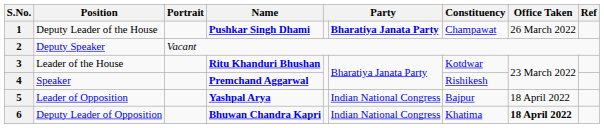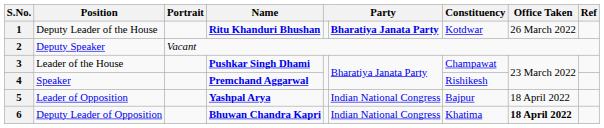 <table class="wikitable sortable">
 <tr>
 <th>S.No.</th>
 <th>Position</th>
 <th>Portrait</th>
 <th>Name</th>
 <th colspan="2">Party</th>
 <th>Constituency</th>
 <th>Office Taken</th>
 <th>Ref</th>
 </tr>
 <tr>
 <th>1</th>
 <td>Deputy Leader of the House</td>
 <td></td>
-<td><strong><a href='#'>Pushkar Singh Dhami</a></strong><br></td>
+<td><strong><a href='#'>Ritu Khanduri Bhushan</a></strong></td>
 <td style="background:"></td>
 <td><strong><a href='#'>Bharatiya Janata Party</a></strong></td>
-<td><a href='#'>Champawat</a></td>
+<td><a href='#'>Kotdwar</a></td>
 <td>26 March 2022</td>
 <td></td>
 </tr>
 <tr>
 <th>2</th>
 <td><a href='#'>Deputy Speaker</a></td>
 <td colspan="7"><em>Vacant</em></td>
 </tr>
 <tr>
 <th>3</th>
 <td>Leader of the House</td>
 <td></td>
-<td><strong><a href='#'>Ritu Khanduri Bhushan</a></strong></td>
+<td><strong><a href='#'>Pushkar Singh Dhami</a></strong><br></td>
 <td rowspan="2" style="background:"></td>
 <td rowspan="2"><a href='#'>Bharatiya Janata Party</a></td>
-<td><a href='#'>Kotdwar</a></td>
+<td><a href='#'>Champawat</a></td>
 <td rowspan="2">23 March 2022</td>
 <td></td>
 </tr>
 <tr>
 <th>4</th>
 <td><a href='#'>Speaker</a></td>
 <td></td>
 <td><strong><a href='#'>Premchand Aggarwal</a></strong><br></td>
 <td><a href='#'>Rishikesh</a></td>
 <td></td>
 </tr>
 <tr>
 <th>5</th>
 <td><a href='#'>Leader of Opposition</a></td>
 <td></td>
 <td><strong><a href='#'>Yashpal Arya</a></strong></td>
 <td style="background:"></td>
 <td><a href='#'>Indian National Congress</a></td>
 <td><a href='#'>Bajpur</a></td>
 <td>18 April 2022</td>
 <td></td>
 </tr>
 <tr>
 <th>6</th>
 <td><a href='#'>Deputy Leader of Opposition</a></td>
 <td></td>
 <td><strong><a href='#'>Bhuwan Chandra Kapri</a></strong></td>
 <td style="background:"></td>
 <td><a href='#'>Indian National Congress</a></td>
 <td><a href='#'>Khatima</a></td>
 <td><strong>18 April 2022</strong></td>
 <td></td>
 </tr>
 </table>
